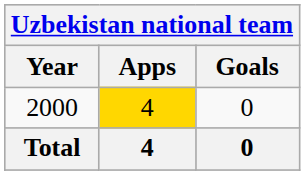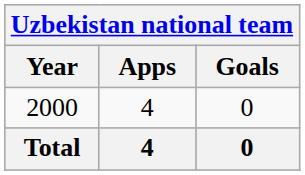 <table class="wikitable" style="text-align:center">
 <tr>
 <th colspan=3><a href='#'>Uzbekistan national team</a></th>
 </tr>
 <tr>
 <th>Year</th>
 <th>Apps</th>
 <th>Goals</th>
 </tr>
 <tr>
 <td>2000</td>
-<td style="background: gold;">4</td>
+<td>4</td>
 <td>0</td>
 </tr>
 <tr>
 <th>Total</th>
 <th>4</th>
 <th>0</th>
 </tr>
 </table>
